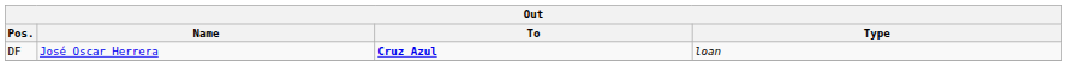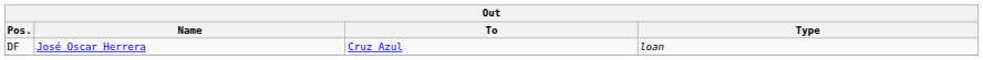 <table class="wikitable" style="font-size:90%;">
 <tr>
 <th colspan="4">Out</th>
 </tr>
 <tr>
 <th width=3%>Pos.</th>
 <th width=32%>Name</th>
 <th width=30%>To</th>
 <th width=35%>Type</th>
 </tr>
 <tr>
 <td>DF</td>
 <td><a href='#'>José Oscar Herrera</a></td>
-<td><strong><a href='#'>Cruz Azul</a></strong></td>
+<td><a href='#'>Cruz Azul</a></td>
 <td><em>loan</em></td>
 </tr>
 <tr>
 </tr>
 </table>
